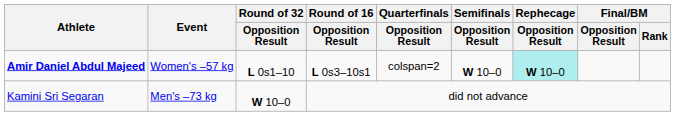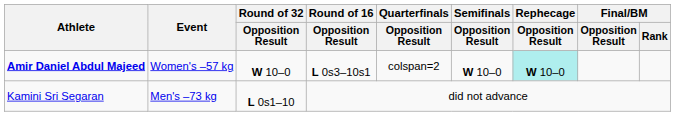 <table class="wikitable" style="font-size:90%">
 <tr>
 <th rowspan="2">Athlete</th>
 <th rowspan="2">Event</th>
 <th>Round of 32</th>
 <th>Round of 16</th>
 <th>Quarterfinals</th>
 <th>Semifinals</th>
 <th>Rephecage</th>
 <th colspan=2>Final/BM</th>
 </tr>
 <tr style="font-size:95%">
 <th>Opposition<br>Result</th>
 <th>Opposition<br>Result</th>
 <th>Opposition<br>Result</th>
 <th>Opposition<br>Result</th>
 <th>Opposition<br>Result</th>
 <th>Opposition<br>Result</th>
 <th>Rank</th>
 </tr>
 <tr style="text-align:center">
 <td style="text-align:left"><strong><a href='#'>Amir Daniel Abdul Majeed</a></strong></td>
 <td style="text-align:left"><a href='#'>Women's –57 kg</a></td>
-<td><br><strong>L</strong> 0s1–10</td>
+<td><br><strong>W</strong> 10–0</td>
 <td><br><strong>L</strong> 0s3–10s1</td>
 <td>colspan=2 </td>
 <td><br><strong>W</strong> 10–0</td>
 <td style="background: paleturquoise;"><br><strong>W</strong> 10–0</td>
 <td></td>
 </tr>
 <tr style="text-align:center">
 <td style="text-align:left"><a href='#'>Kamini Sri Segaran</a></td>
 <td style="text-align:left"><a href='#'>Men's –73 kg</a></td>
-<td><br><strong>W</strong> 10–0</td>
+<td><br><strong>L</strong> 0s1–10</td>
 <td colspan=6>did not advance</td>
 </tr>
 </table>
